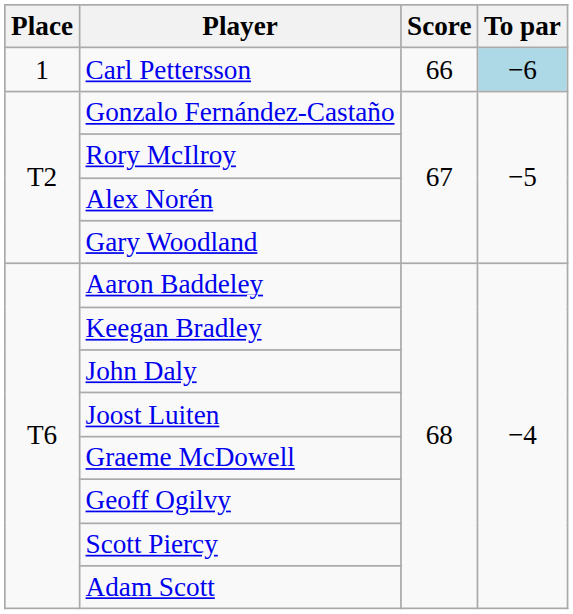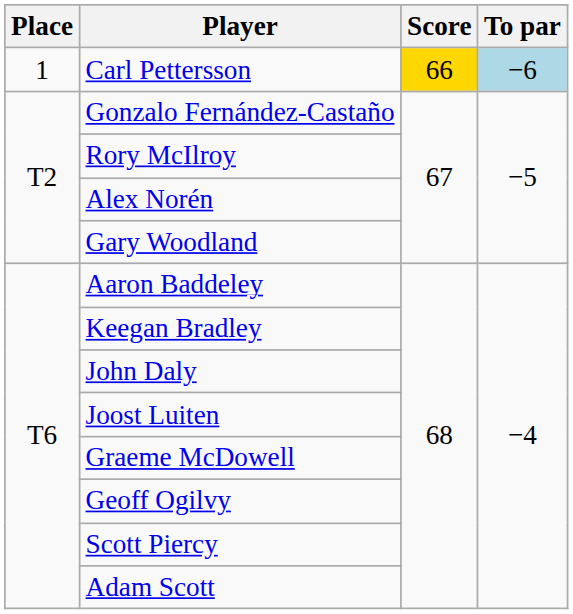 <table class="wikitable">
 <tr>
 <th>Place</th>
 <th>Player</th>
 <th>Score</th>
 <th>To par</th>
 </tr>
 <tr>
 <td align=center>1</td>
 <td> <a href='#'>Carl Pettersson</a></td>
-<td align=center>66</td>
+<td align=center style="background: gold;">66</td>
 <td align=center style="background: lightblue;">−6</td>
 </tr>
 <tr>
 <td rowspan="4" align=center>T2</td>
 <td> <a href='#'>Gonzalo Fernández-Castaño</a></td>
 <td rowspan="4" align=center>67</td>
 <td rowspan="4" align=center>−5</td>
 </tr>
 <tr>
 <td> <a href='#'>Rory McIlroy</a></td>
 </tr>
 <tr>
 <td> <a href='#'>Alex Norén</a></td>
 </tr>
 <tr>
 <td> <a href='#'>Gary Woodland</a></td>
 </tr>
 <tr>
 <td rowspan="8" align=center>T6</td>
 <td> <a href='#'>Aaron Baddeley</a></td>
 <td rowspan="8" align=center>68</td>
 <td rowspan="8" align=center>−4</td>
 </tr>
 <tr>
 <td> <a href='#'>Keegan Bradley</a></td>
 </tr>
 <tr>
 <td> <a href='#'>John Daly</a></td>
 </tr>
 <tr>
 <td> <a href='#'>Joost Luiten</a></td>
 </tr>
 <tr>
 <td> <a href='#'>Graeme McDowell</a></td>
 </tr>
 <tr>
 <td> <a href='#'>Geoff Ogilvy</a></td>
 </tr>
 <tr>
 <td> <a href='#'>Scott Piercy</a></td>
 </tr>
 <tr>
 <td> <a href='#'>Adam Scott</a></td>
 </tr>
 </table>
